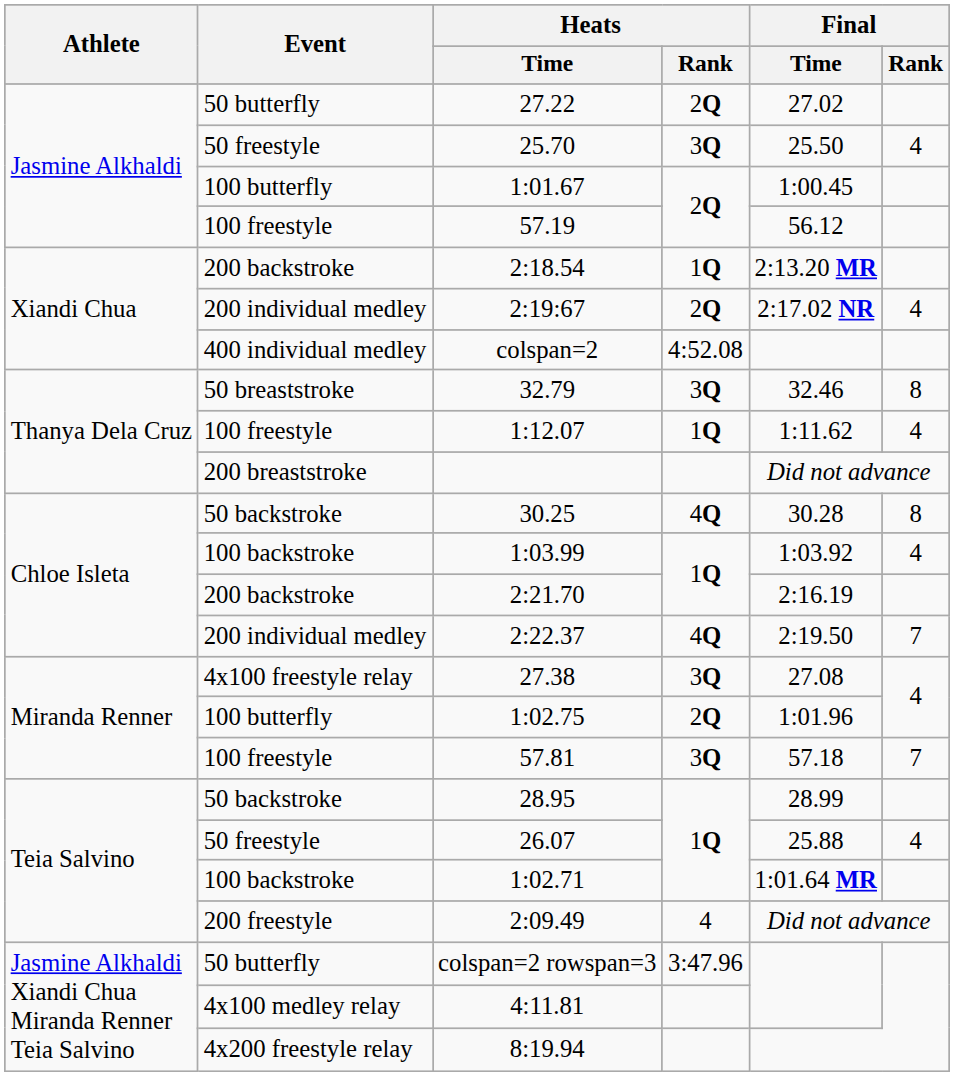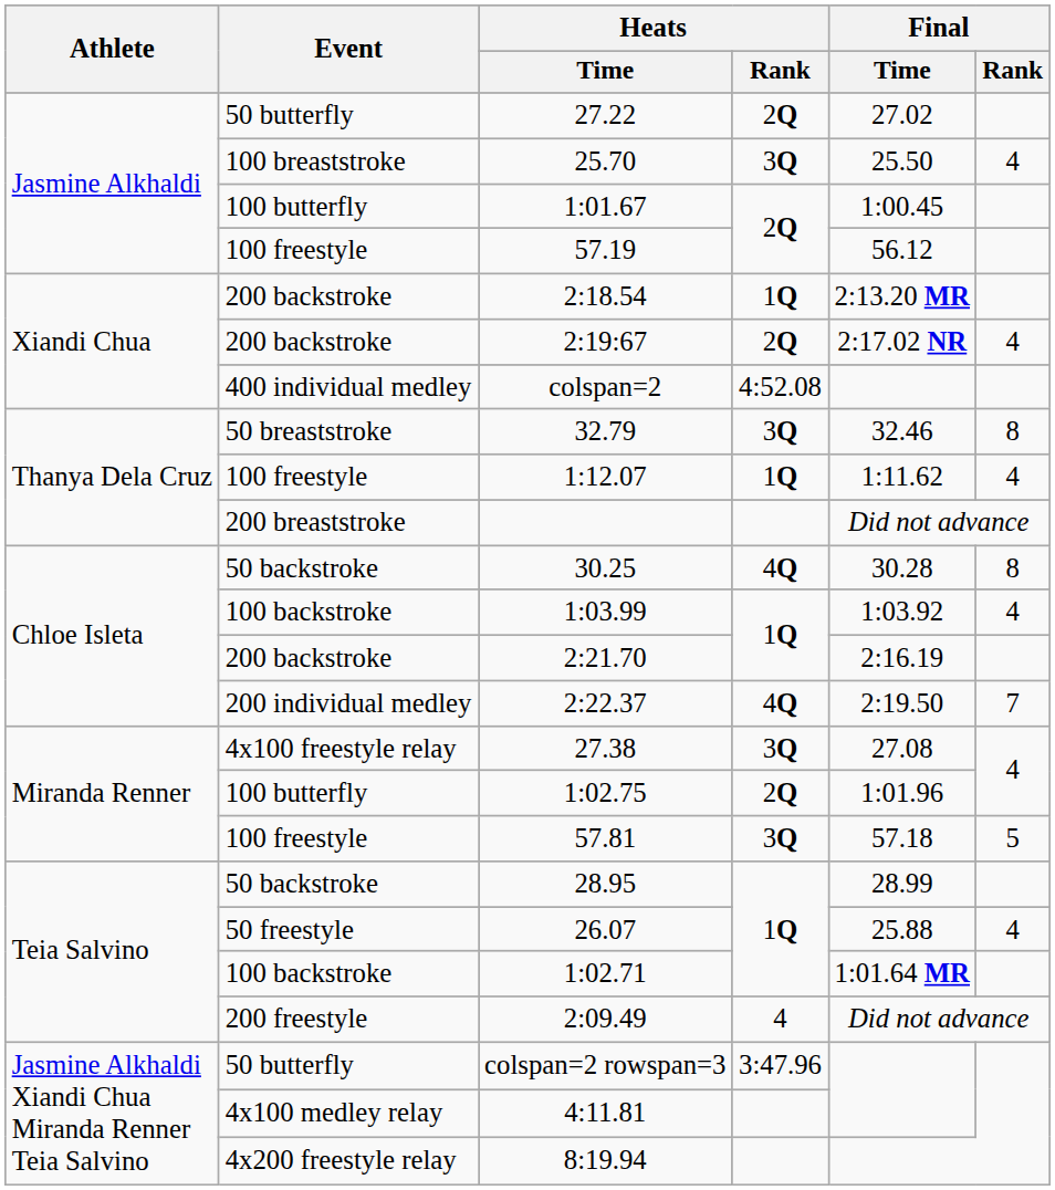 <table class="wikitable" style="font-size:90%">
 <tr>
 <th rowspan=2>Athlete</th>
 <th rowspan=2>Event</th>
 <th colspan=2>Heats</th>
 <th colspan=2>Final</th>
 </tr>
 <tr style="font-size:95%">
 <th>Time</th>
 <th>Rank</th>
 <th>Time</th>
 <th>Rank</th>
 </tr>
 <tr align=center>
 <td align=left rowspan=4><a href='#'>Jasmine Alkhaldi</a></td>
 <td align=left>50 butterfly</td>
 <td>27.22</td>
 <td>2<strong>Q</strong></td>
 <td>27.02</td>
 <td></td>
 </tr>
 <tr align=center>
-<td align=left>50 freestyle</td>
+<td align=left>100 breaststroke</td>
 <td>25.70</td>
 <td>3<strong>Q</strong></td>
 <td>25.50</td>
 <td>4</td>
 </tr>
 <tr align=center>
 <td align=left>100 butterfly</td>
 <td>1:01.67</td>
 <td rowspan=2>2<strong>Q</strong></td>
 <td>1:00.45</td>
 <td></td>
 </tr>
 <tr align=center>
 <td align=left>100 freestyle</td>
 <td>57.19</td>
 <td>56.12</td>
 <td></td>
 </tr>
 <tr align=center>
 <td align=left rowspan=3>Xiandi Chua</td>
 <td align=left>200 backstroke</td>
 <td>2:18.54</td>
 <td>1<strong>Q</strong></td>
 <td>2:13.20 <strong><a href='#'>MR</a></strong></td>
 <td></td>
 </tr>
 <tr align=center>
-<td align=left>200 individual medley</td>
+<td align=left>200 backstroke</td>
 <td>2:19:67</td>
 <td>2<strong>Q</strong></td>
 <td>2:17.02 <strong><a href='#'>NR</a></strong></td>
 <td>4</td>
 </tr>
 <tr align=center>
 <td align=left>400 individual medley</td>
 <td>colspan=2 </td>
 <td>4:52.08</td>
 <td></td>
 </tr>
 <tr align=center>
 <td align=left rowspan=3>Thanya Dela Cruz</td>
 <td align=left>50 breaststroke</td>
 <td>32.79</td>
 <td>3<strong>Q</strong></td>
 <td>32.46</td>
 <td>8</td>
 </tr>
 <tr align=center>
 <td align=left>100 freestyle</td>
 <td>1:12.07</td>
 <td>1<strong>Q</strong></td>
 <td>1:11.62</td>
 <td>4</td>
 </tr>
 <tr align=center>
 <td align=left>200 breaststroke</td>
 <td></td>
 <td></td>
 <td colspan=2><em>Did not advance</em></td>
 </tr>
 <tr align=center>
 <td align=left rowspan=4>Chloe Isleta</td>
 <td align=left>50 backstroke</td>
 <td>30.25</td>
 <td>4<strong>Q</strong></td>
 <td>30.28</td>
 <td>8</td>
 </tr>
 <tr align=center>
 <td align=left>100 backstroke</td>
 <td>1:03.99</td>
 <td rowspan=2>1<strong>Q</strong></td>
 <td>1:03.92</td>
 <td>4</td>
 </tr>
 <tr align=center>
 <td align=left>200 backstroke</td>
 <td>2:21.70</td>
 <td>2:16.19</td>
 <td></td>
 </tr>
 <tr align=center>
 <td align=left>200 individual medley</td>
 <td>2:22.37</td>
 <td>4<strong>Q</strong></td>
 <td>2:19.50</td>
 <td>7</td>
 </tr>
 <tr align=center>
 <td align=left rowspan=3>Miranda Renner</td>
 <td align=left>4x100 freestyle relay</td>
 <td>27.38</td>
 <td>3<strong>Q</strong></td>
 <td>27.08</td>
 <td rowspan=2>4</td>
 </tr>
 <tr align=center>
 <td align=left>100 butterfly</td>
 <td>1:02.75</td>
 <td>2<strong>Q</strong></td>
 <td>1:01.96</td>
 </tr>
 <tr align=center>
 <td align=left>100 freestyle</td>
 <td>57.81</td>
 <td>3<strong>Q</strong></td>
 <td>57.18</td>
-<td>7</td>
+<td>5</td>
 </tr>
 <tr align=center>
 <td align=left rowspan=4>Teia Salvino</td>
 <td align=left>50 backstroke</td>
 <td>28.95</td>
 <td rowspan=3>1<strong>Q</strong></td>
 <td>28.99</td>
 <td></td>
 </tr>
 <tr align=center>
 <td align=left>50 freestyle</td>
 <td>26.07</td>
 <td>25.88</td>
 <td>4</td>
 </tr>
 <tr align=center>
 <td align=left>100 backstroke</td>
 <td>1:02.71</td>
 <td>1:01.64 <strong><a href='#'>MR</a></strong></td>
 <td></td>
 </tr>
 <tr align=center>
 <td align=left>200 freestyle</td>
 <td>2:09.49</td>
 <td>4</td>
 <td colspan=2><em>Did not advance</em></td>
 </tr>
 <tr align=center>
 <td align=left rowspan=3><a href='#'>Jasmine Alkhaldi</a><br>Xiandi Chua<br>Miranda Renner<br>Teia Salvino</td>
 <td align=left>50 butterfly</td>
 <td>colspan=2 rowspan=3 </td>
 <td>3:47.96</td>
 <td rowspan=2></td>
 </tr>
 <tr align=center>
 <td align=left>4x100 medley relay</td>
 <td>4:11.81</td>
 </tr>
 <tr align=center>
 <td align=left>4x200 freestyle relay</td>
 <td>8:19.94</td>
 <td></td>
 </tr>
 </table>
